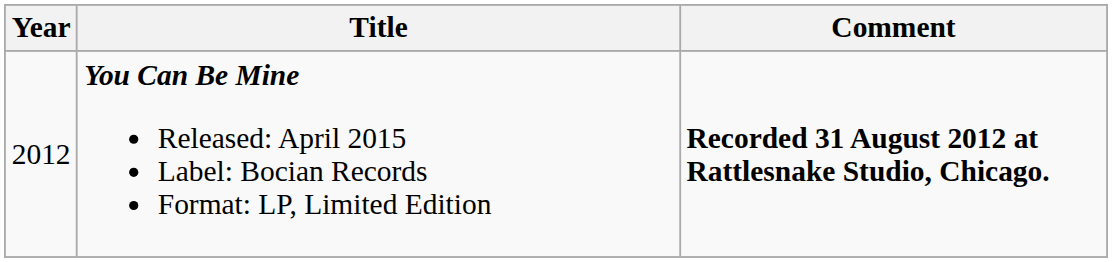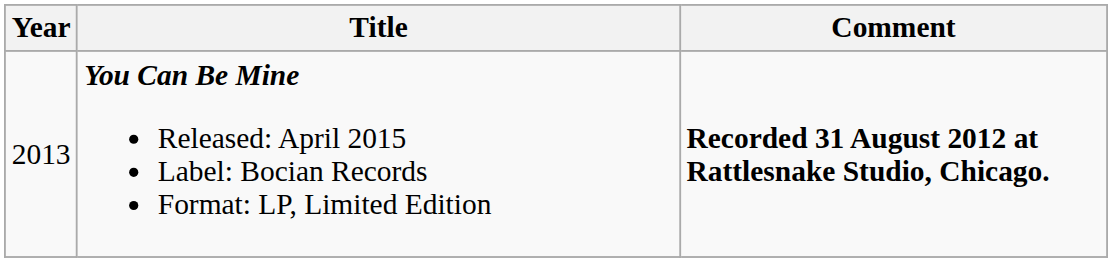 <table class="wikitable">
 <tr>
 <th>Year</th>
 <th style="width:225px;">Title</th>
 <th style="width:225px;">Comment</th>
 </tr>
 <tr>
-<td>2012</td>
+<td>2013</td>
 <td style="width:20em"><strong><em>You Can Be Mine</em></strong><br><ul><li>Released: April 2015</li><li>Label: Bocian Records </li><li>Format: LP, Limited Edition</li></ul></td>
 <td><strong>Recorded 31 August 2012 at Rattlesnake Studio, Chicago.</strong></td>
 </tr>
 </table>
